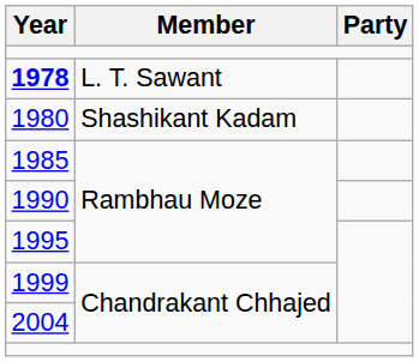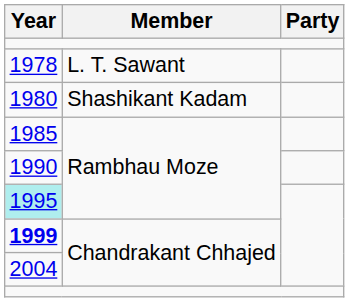 <table class="wikitable">
 <tr>
 <th>Year</th>
 <th>Member</th>
 <th colspan="2">Party</th>
 </tr>
 <tr>
 <td colspan="4"></td>
 </tr>
 <tr>
-<td><strong><a href='#'>1978</a></strong></td>
+<td><a href='#'>1978</a></td>
 <td>L. T. Sawant</td>
 <td></td>
 </tr>
 <tr>
 <td><a href='#'>1980</a></td>
 <td>Shashikant Kadam</td>
 <td></td>
 </tr>
 <tr>
 <td><a href='#'>1985</a></td>
 <td rowspan="3">Rambhau Moze</td>
 <td></td>
 </tr>
 <tr>
 <td><a href='#'>1990</a></td>
 <td></td>
 </tr>
 <tr>
-<td><a href='#'>1995</a></td>
+<td style="background: paleturquoise;"><a href='#'>1995</a></td>
 </tr>
 <tr>
-<td><a href='#'>1999</a></td>
+<td><strong><a href='#'>1999</a></strong></td>
 <td rowspan="2">Chandrakant Chhajed</td>
 </tr>
 <tr>
 <td><a href='#'>2004</a></td>
 </tr>
 <tr>
 <td colspan="4"></td>
 </tr>
 </table>
